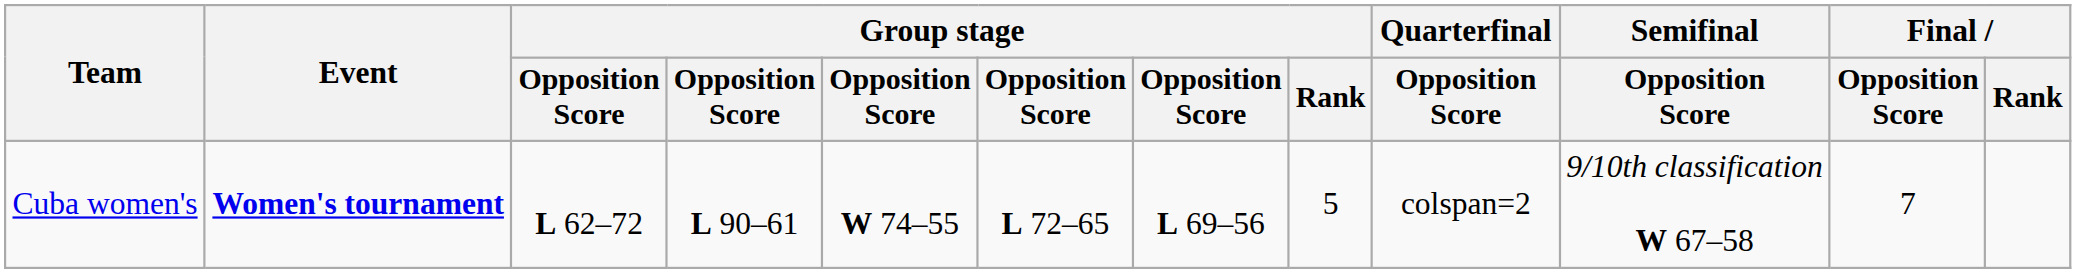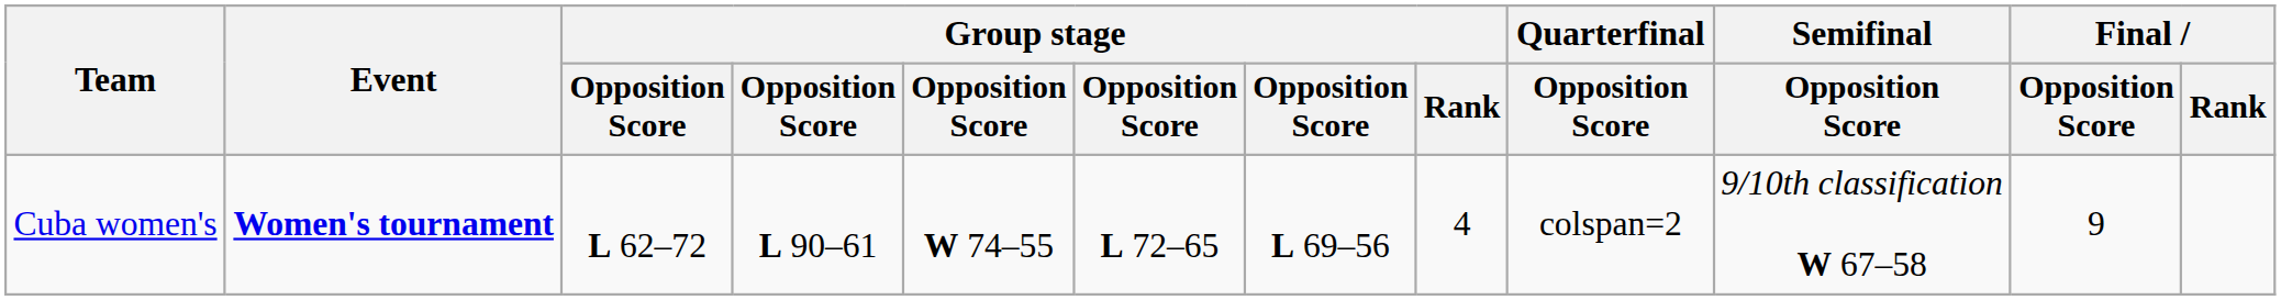 <table class="wikitable" style="font-size:90%">
 <tr>
 <th rowspan=2>Team</th>
 <th rowspan=2>Event</th>
 <th colspan=6>Group stage</th>
 <th>Quarterfinal</th>
 <th>Semifinal</th>
 <th colspan=2>Final / </th>
 </tr>
 <tr style="font-size:95%">
 <th>Opposition<br>Score</th>
 <th>Opposition<br>Score</th>
 <th>Opposition<br>Score</th>
 <th>Opposition<br>Score</th>
 <th>Opposition<br>Score</th>
 <th>Rank</th>
 <th>Opposition<br>Score</th>
 <th>Opposition<br>Score</th>
 <th>Opposition<br>Score</th>
 <th>Rank</th>
 </tr>
 <tr align=center>
 <td align=left><a href='#'>Cuba women's</a></td>
 <td align=left><strong><a href='#'>Women's tournament</a></strong></td>
 <td><br><strong>L</strong> 62–72</td>
 <td><br><strong>L</strong> 90–61</td>
 <td><br><strong>W</strong> 74–55</td>
 <td><br><strong>L</strong> 72–65</td>
 <td><br><strong>L</strong> 69–56</td>
-<td>5</td>
+<td>4</td>
 <td>colspan=2 </td>
 <td><em>9/10th classification</em><br><br><strong>W</strong> 67–58</td>
-<td>7</td>
+<td>9</td>
 </tr>
 </table>
